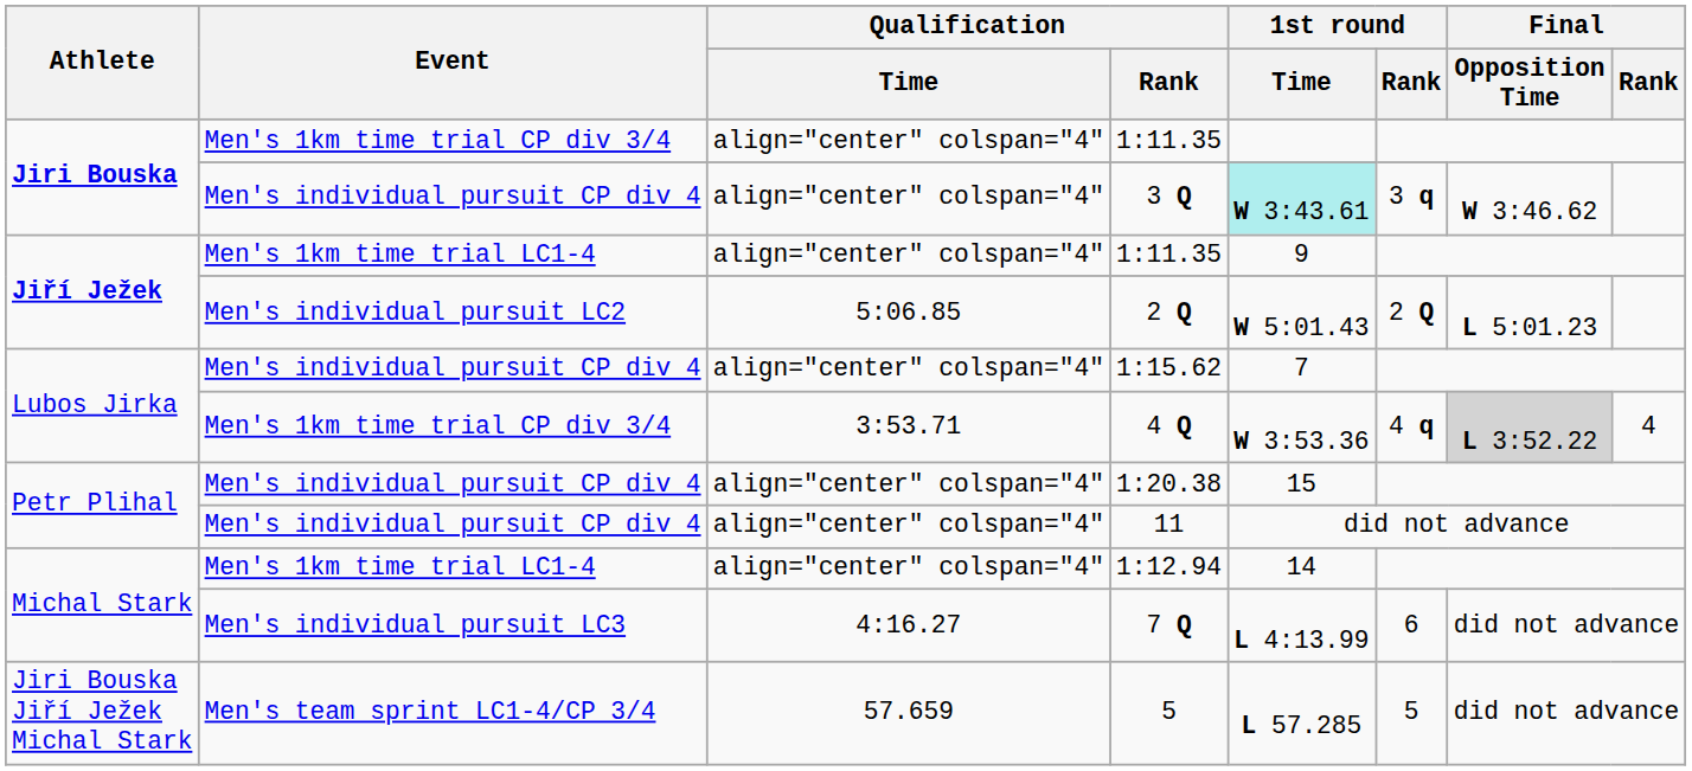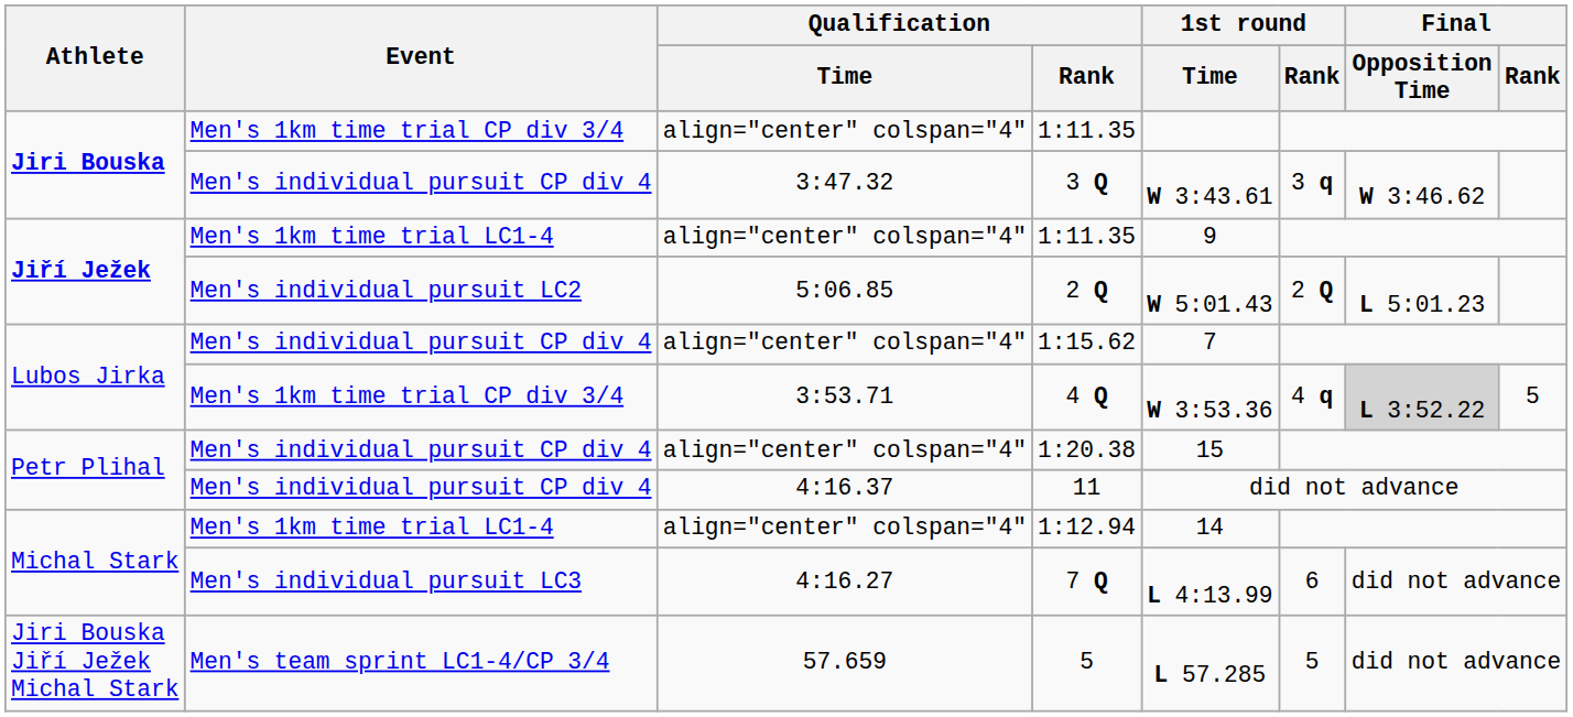 <table class=wikitable style="font-size:90%">
 <tr>
 <th rowspan="2">Athlete</th>
 <th rowspan="2">Event</th>
 <th colspan="2">Qualification</th>
 <th colspan="2">1st round</th>
 <th colspan="2">Final</th>
 </tr>
 <tr>
 <th>Time</th>
 <th>Rank</th>
 <th>Time</th>
 <th>Rank</th>
 <th>Opposition<br>Time</th>
 <th>Rank</th>
 </tr>
 <tr>
 <td rowspan="2"><strong><a href='#'>Jiri Bouska</a></strong></td>
 <td><a href='#'>Men's 1km time trial CP div 3/4</a></td>
 <td>align="center" colspan="4" </td>
 <td align="center">1:11.35</td>
 <td align="center"></td>
 </tr>
 <tr>
 <td><a href='#'>Men's individual pursuit CP div 4</a></td>
-<td>align="center" colspan="4" </td>
+<td align="center">3:47.32</td>
 <td align="center">3 <strong>Q</strong></td>
-<td align="center" style="background: paleturquoise;"><br> <strong>W</strong> 3:43.61</td>
+<td align="center"><br> <strong>W</strong> 3:43.61</td>
 <td align="center">3 <strong>q</strong></td>
 <td align="center"><br> <strong>W</strong> 3:46.62</td>
 <td align="center"></td>
 </tr>
 <tr>
 <td rowspan="2"><strong><a href='#'>Jiří Ježek</a></strong></td>
 <td><a href='#'>Men's 1km time trial LC1-4</a></td>
 <td>align="center" colspan="4" </td>
 <td align="center">1:11.35</td>
 <td align="center">9</td>
 </tr>
 <tr>
 <td><a href='#'>Men's individual pursuit LC2</a></td>
 <td align="center">5:06.85</td>
 <td align="center">2 <strong>Q</strong></td>
 <td align="center"><br> <strong>W</strong> 5:01.43</td>
 <td align="center">2 <strong>Q</strong></td>
 <td align="center"><br> <strong>L</strong> 5:01.23</td>
 <td align="center"></td>
 </tr>
 <tr>
 <td rowspan="2"><a href='#'>Lubos Jirka</a></td>
 <td><a href='#'>Men's individual pursuit CP div 4</a></td>
 <td>align="center" colspan="4" </td>
 <td align="center">1:15.62</td>
 <td align="center">7</td>
 </tr>
 <tr>
 <td><a href='#'>Men's 1km time trial CP div 3/4</a></td>
 <td align="center">3:53.71</td>
 <td align="center">4 <strong>Q</strong></td>
 <td align="center"><br> <strong>W</strong> 3:53.36</td>
 <td align="center">4 <strong>q</strong></td>
 <td align="center" style="background: lightgrey;"><br> <strong>L</strong> 3:52.22</td>
-<td align="center">4</td>
+<td align="center">5</td>
 </tr>
 <tr>
 <td rowspan="2"><a href='#'>Petr Plihal</a></td>
 <td><a href='#'>Men's individual pursuit CP div 4</a></td>
 <td>align="center" colspan="4" </td>
 <td align="center">1:20.38</td>
 <td align="center">15</td>
 </tr>
 <tr>
 <td><a href='#'>Men's individual pursuit CP div 4</a></td>
-<td>align="center" colspan="4" </td>
+<td align="center">4:16.37</td>
 <td align="center">11</td>
 <td align="center" colspan="4">did not advance</td>
 </tr>
 <tr>
 <td rowspan="2"><a href='#'>Michal Stark</a></td>
 <td><a href='#'>Men's 1km time trial LC1-4</a></td>
 <td>align="center" colspan="4" </td>
 <td align="center">1:12.94</td>
 <td align="center">14</td>
 </tr>
 <tr>
 <td><a href='#'>Men's individual pursuit LC3</a></td>
 <td align="center">4:16.27</td>
 <td align="center">7 <strong>Q</strong></td>
 <td align="center"><br> <strong>L</strong> 4:13.99</td>
 <td align="center">6</td>
 <td align="center" colspan="2">did not advance</td>
 </tr>
 <tr>
 <td><a href='#'>Jiri Bouska</a><br> <a href='#'>Jiří Ježek</a><br> <a href='#'>Michal Stark</a></td>
 <td><a href='#'>Men's team sprint LC1-4/CP 3/4</a></td>
 <td align="center">57.659</td>
 <td align="center">5</td>
 <td align="center"><br> <strong>L</strong> 57.285</td>
 <td align="center">5</td>
 <td align="center" colspan="2">did not advance</td>
 </tr>
 </table>
